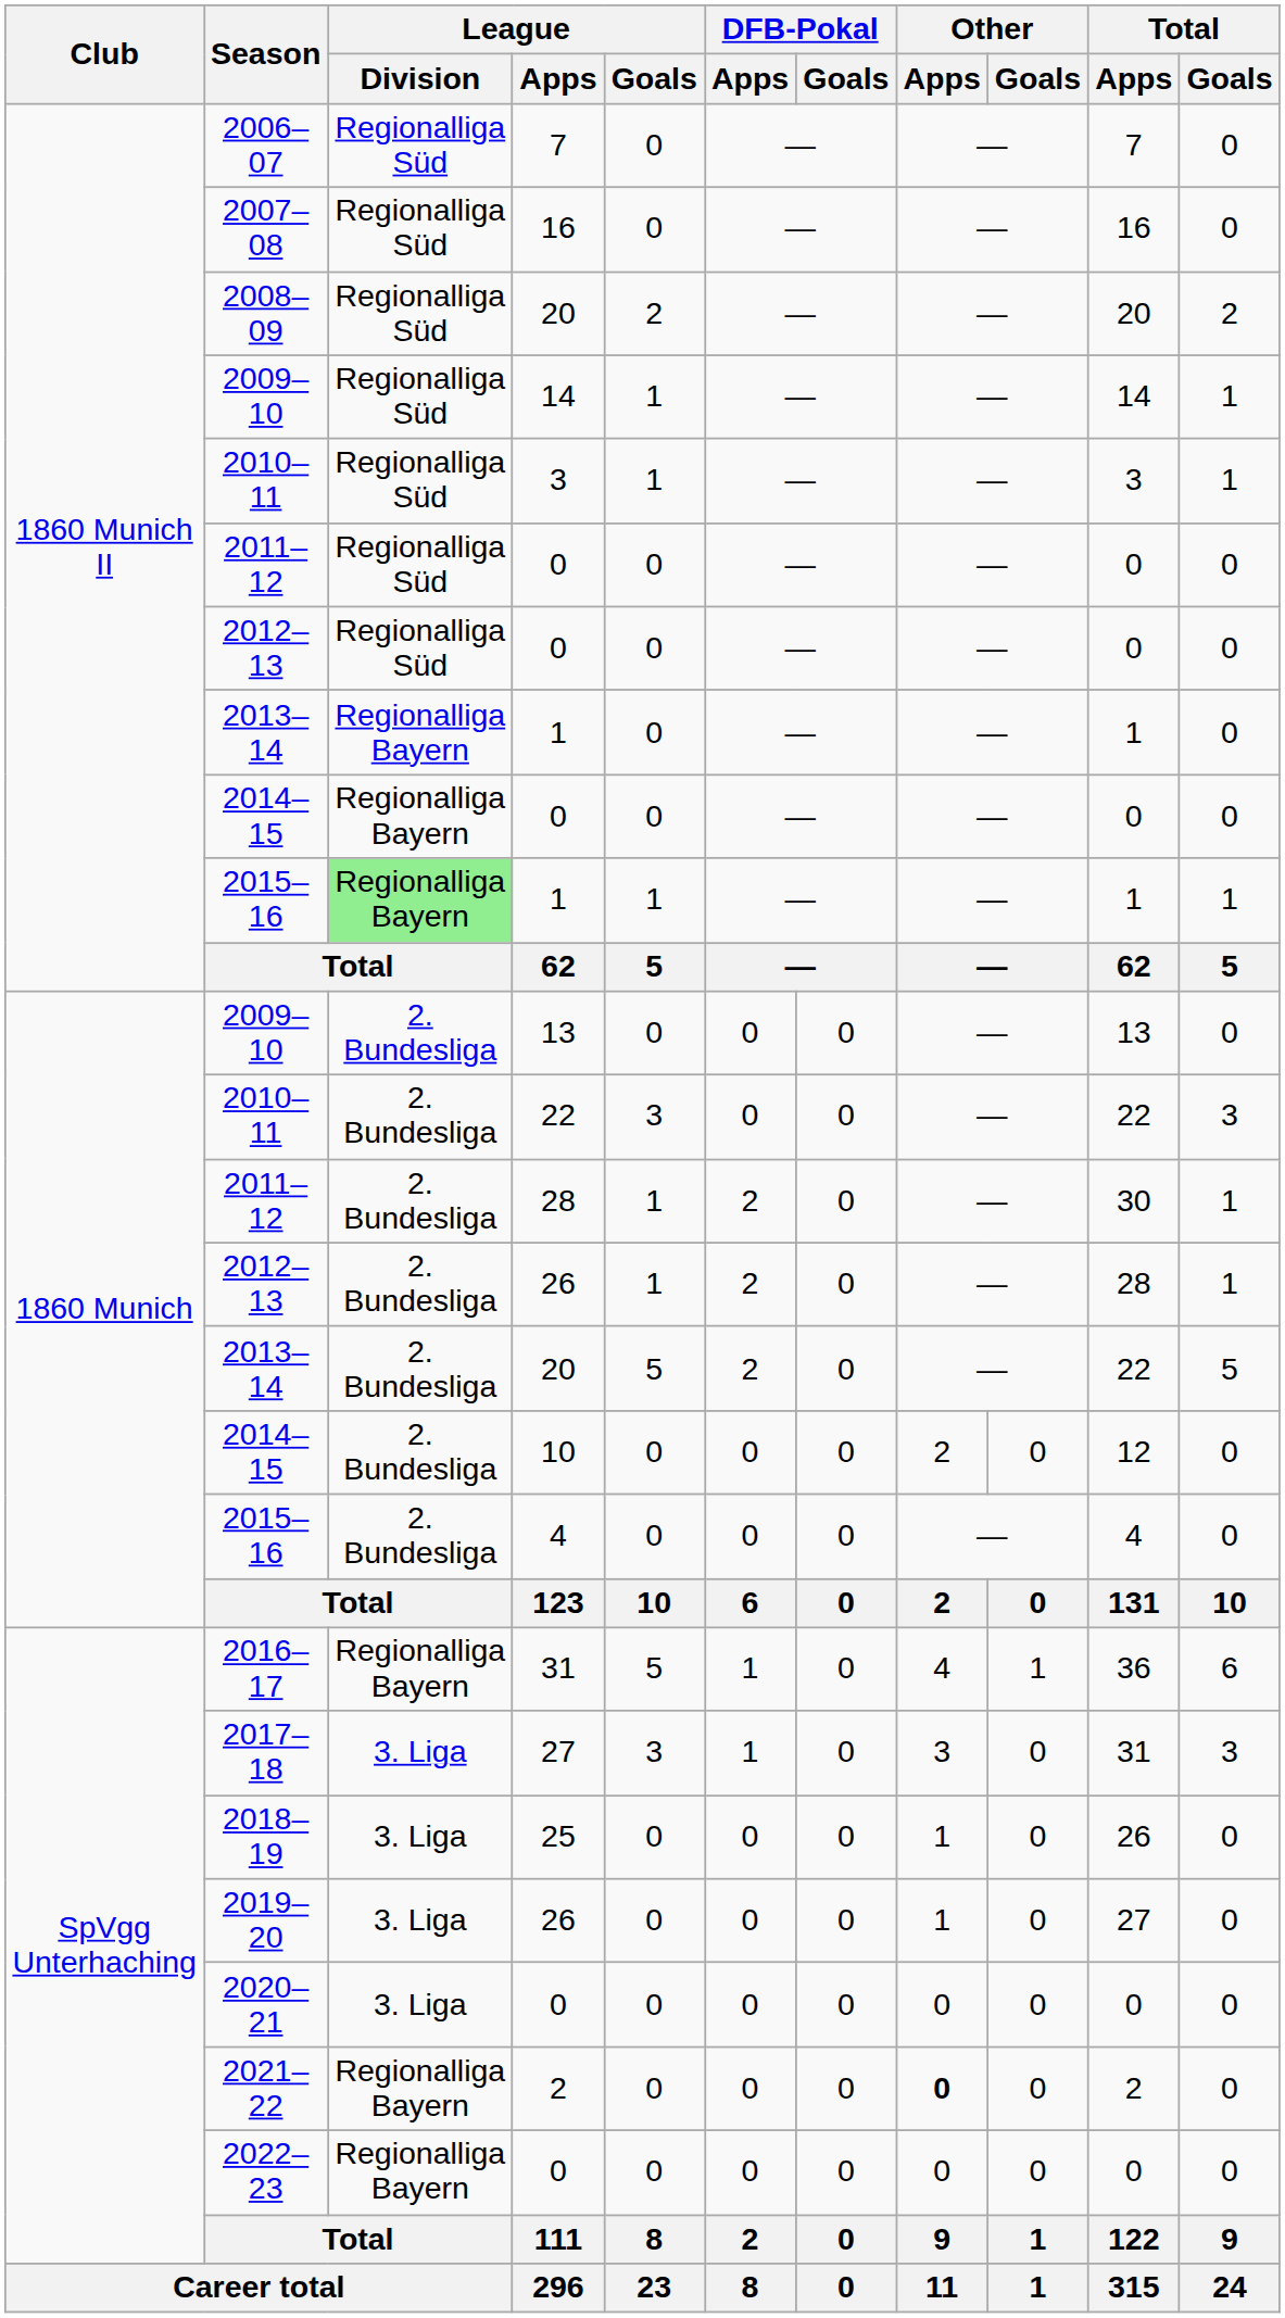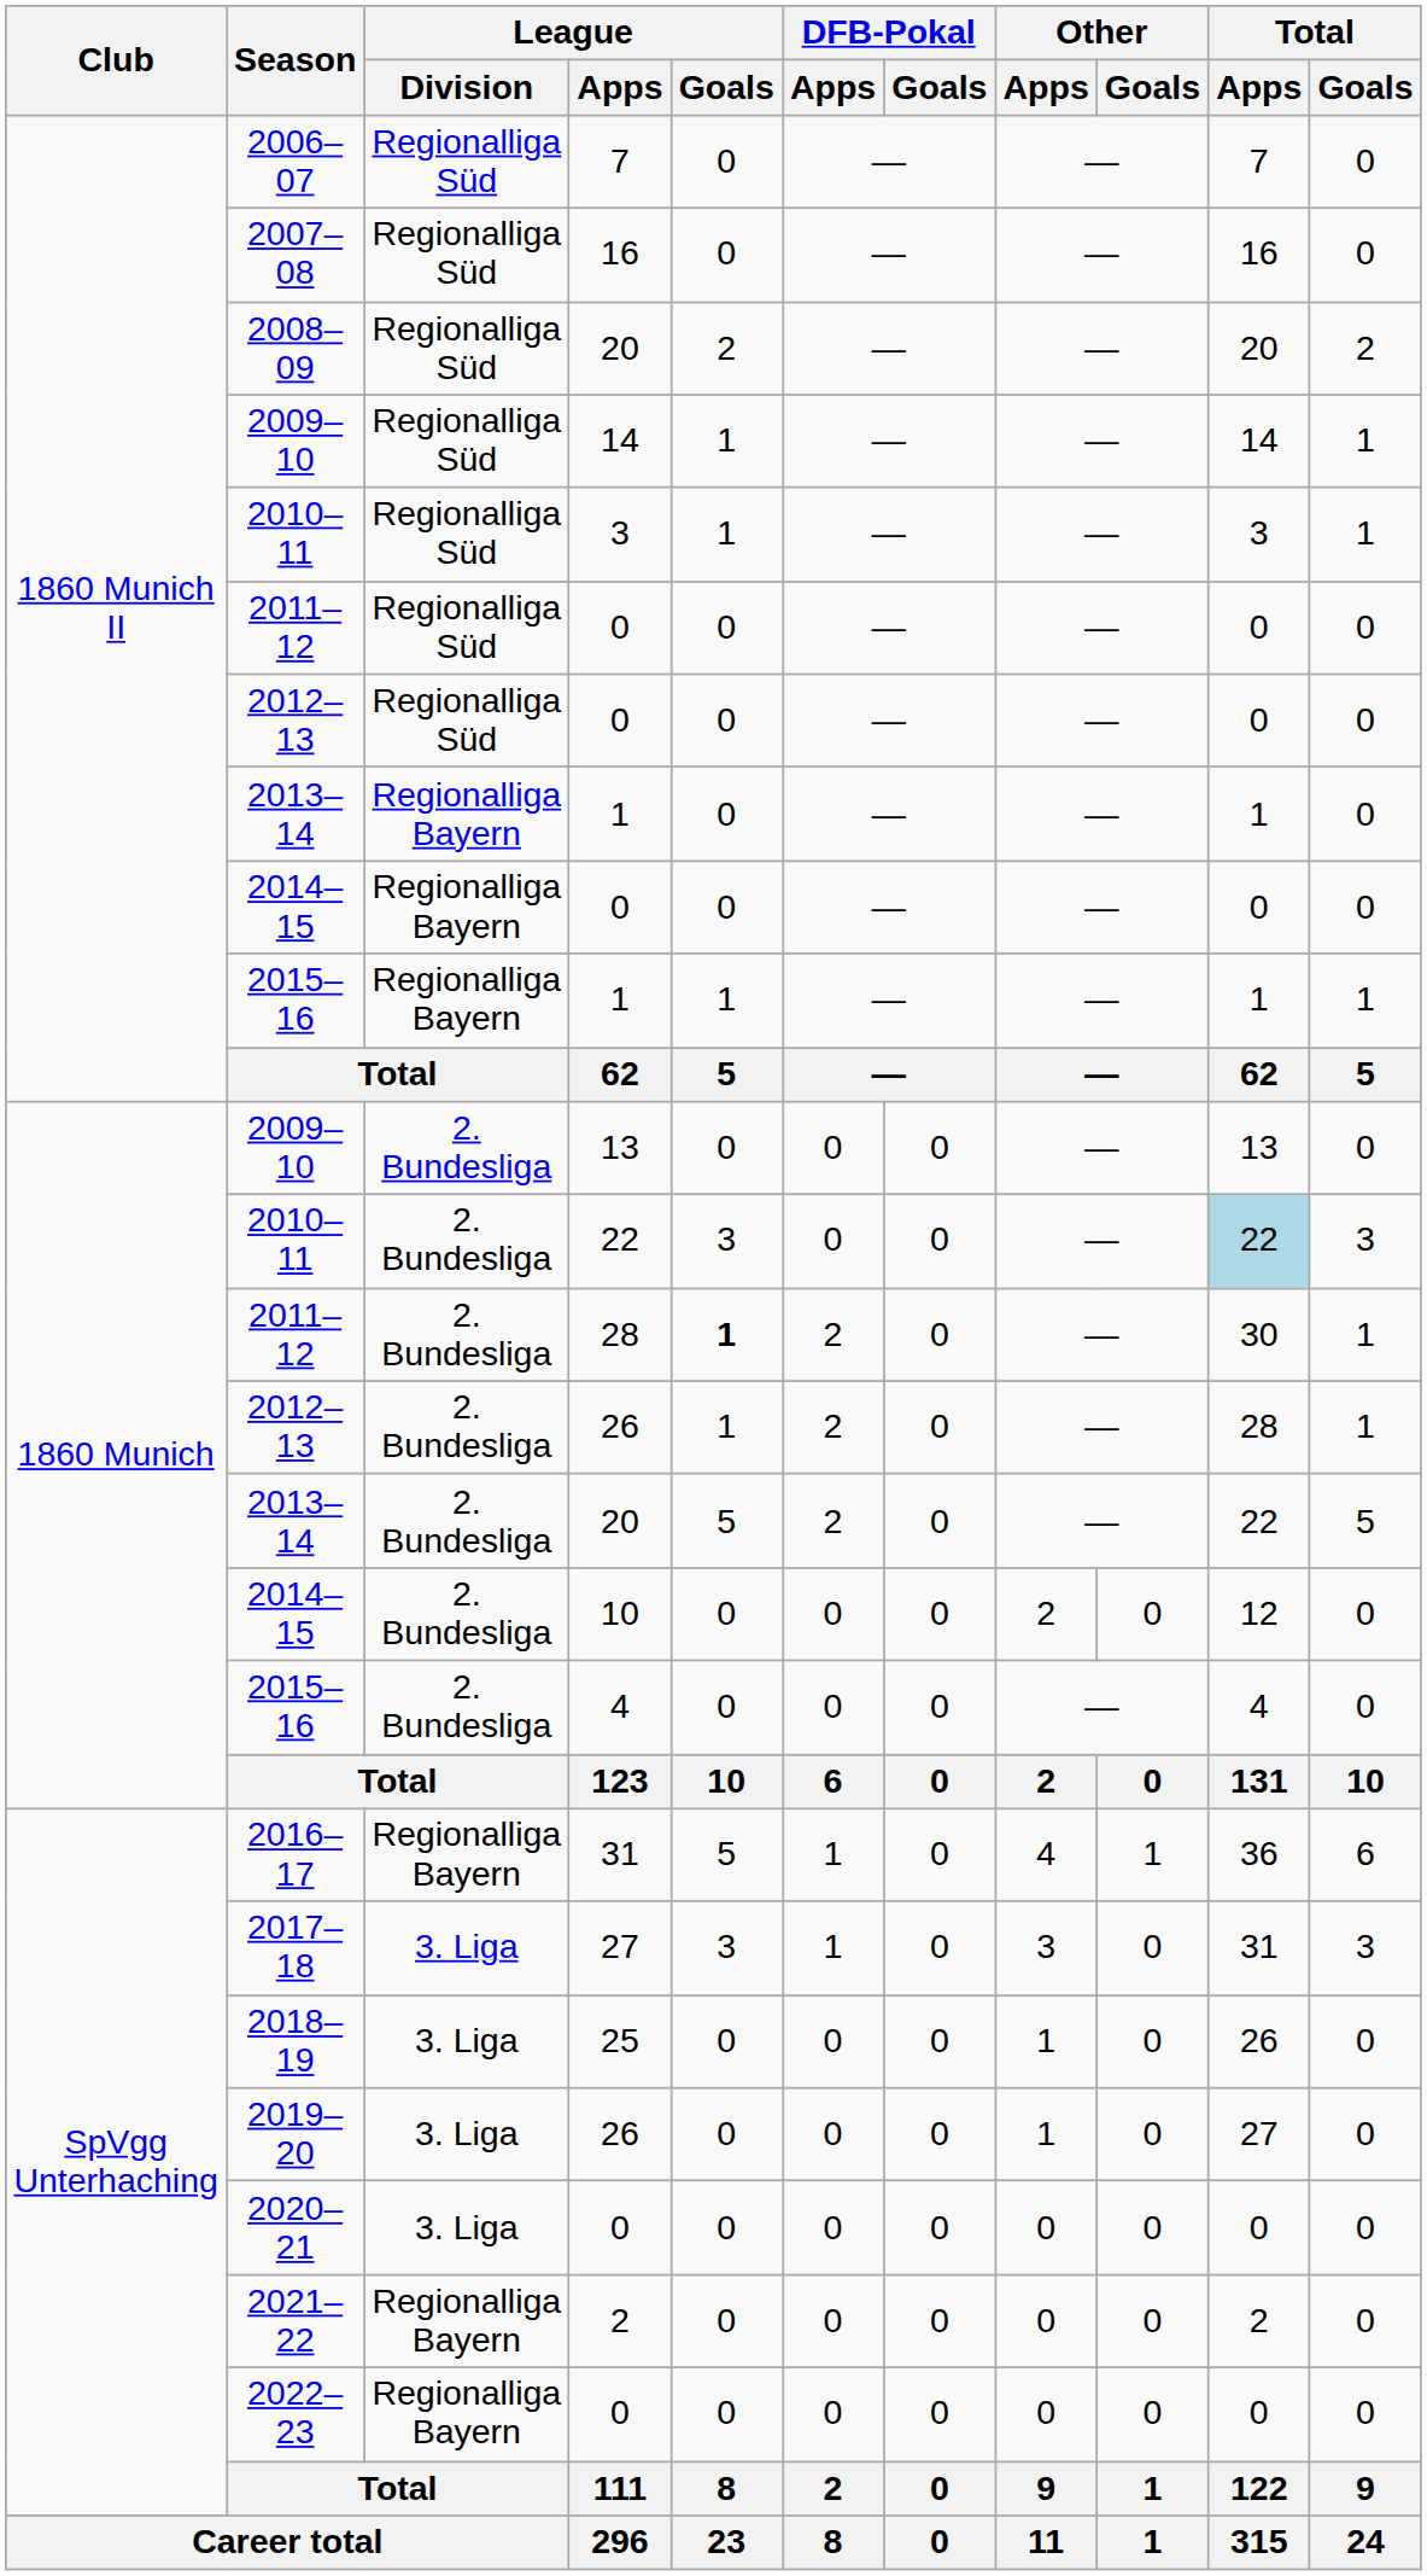 <table class="wikitable" style="text-align:center">
 <tr>
 <th rowspan="2">Club</th>
 <th rowspan="2">Season</th>
 <th colspan="3">League</th>
 <th colspan="2"><a href='#'>DFB-Pokal</a></th>
 <th colspan="2">Other</th>
 <th colspan="2">Total</th>
 </tr>
 <tr>
 <th>Division</th>
 <th>Apps</th>
 <th>Goals</th>
 <th>Apps</th>
 <th>Goals</th>
 <th>Apps</th>
 <th>Goals</th>
 <th>Apps</th>
 <th>Goals</th>
 </tr>
 <tr>
 <td rowspan="11"><a href='#'>1860 Munich II</a></td>
 <td><a href='#'>2006–07</a></td>
 <td><a href='#'>Regionalliga Süd</a></td>
 <td>7</td>
 <td>0</td>
 <td colspan="2">—</td>
 <td colspan="2">—</td>
 <td>7</td>
 <td>0</td>
 </tr>
 <tr>
 <td><a href='#'>2007–08</a></td>
 <td>Regionalliga Süd</td>
 <td>16</td>
 <td>0</td>
 <td colspan="2">—</td>
 <td colspan="2">—</td>
 <td>16</td>
 <td>0</td>
 </tr>
 <tr>
 <td><a href='#'>2008–09</a></td>
 <td>Regionalliga Süd</td>
 <td>20</td>
 <td>2</td>
 <td colspan="2">—</td>
 <td colspan="2">—</td>
 <td>20</td>
 <td>2</td>
 </tr>
 <tr>
 <td><a href='#'>2009–10</a></td>
 <td>Regionalliga Süd</td>
 <td>14</td>
 <td>1</td>
 <td colspan="2">—</td>
 <td colspan="2">—</td>
 <td>14</td>
 <td>1</td>
 </tr>
 <tr>
 <td><a href='#'>2010–11</a></td>
 <td>Regionalliga Süd</td>
 <td>3</td>
 <td>1</td>
 <td colspan="2">—</td>
 <td colspan="2">—</td>
 <td>3</td>
 <td>1</td>
 </tr>
 <tr>
 <td><a href='#'>2011–12</a></td>
 <td>Regionalliga Süd</td>
 <td>0</td>
 <td>0</td>
 <td colspan="2">—</td>
 <td colspan="2">—</td>
 <td>0</td>
 <td>0</td>
 </tr>
 <tr>
 <td><a href='#'>2012–13</a></td>
 <td>Regionalliga Süd</td>
 <td>0</td>
 <td>0</td>
 <td colspan="2">—</td>
 <td colspan="2">—</td>
 <td>0</td>
 <td>0</td>
 </tr>
 <tr>
 <td><a href='#'>2013–14</a></td>
 <td><a href='#'>Regionalliga Bayern</a></td>
 <td>1</td>
 <td>0</td>
 <td colspan="2">—</td>
 <td colspan="2">—</td>
 <td>1</td>
 <td>0</td>
 </tr>
 <tr>
 <td><a href='#'>2014–15</a></td>
 <td>Regionalliga Bayern</td>
 <td>0</td>
 <td>0</td>
 <td colspan="2">—</td>
 <td colspan="2">—</td>
 <td>0</td>
 <td>0</td>
 </tr>
 <tr>
 <td><a href='#'>2015–16</a></td>
-<td style="background: lightgreen;">Regionalliga Bayern</td>
+<td>Regionalliga Bayern</td>
 <td>1</td>
 <td>1</td>
 <td colspan="2">—</td>
 <td colspan="2">—</td>
 <td>1</td>
 <td>1</td>
 </tr>
 <tr>
 <th colspan="2">Total</th>
 <th>62</th>
 <th>5</th>
 <th colspan="2">—</th>
 <th colspan="2">—</th>
 <th>62</th>
 <th>5</th>
 </tr>
 <tr>
 <td rowspan="8"><a href='#'>1860 Munich</a></td>
 <td><a href='#'>2009–10</a></td>
 <td><a href='#'>2. Bundesliga</a></td>
 <td>13</td>
 <td>0</td>
 <td>0</td>
 <td>0</td>
 <td colspan="2">—</td>
 <td>13</td>
 <td>0</td>
 </tr>
 <tr>
 <td><a href='#'>2010–11</a></td>
 <td>2. Bundesliga</td>
 <td>22</td>
 <td>3</td>
 <td>0</td>
 <td>0</td>
 <td colspan="2">—</td>
-<td>22</td>
+<td style="background: lightblue;">22</td>
 <td>3</td>
 </tr>
 <tr>
 <td><a href='#'>2011–12</a></td>
 <td>2. Bundesliga</td>
 <td>28</td>
-<td>1</td>
+<td><strong>1</strong></td>
 <td>2</td>
 <td>0</td>
 <td colspan="2">—</td>
 <td>30</td>
 <td>1</td>
 </tr>
 <tr>
 <td><a href='#'>2012–13</a></td>
 <td>2. Bundesliga</td>
 <td>26</td>
 <td>1</td>
 <td>2</td>
 <td>0</td>
 <td colspan="2">—</td>
 <td>28</td>
 <td>1</td>
 </tr>
 <tr>
 <td><a href='#'>2013–14</a></td>
 <td>2. Bundesliga</td>
 <td>20</td>
 <td>5</td>
 <td>2</td>
 <td>0</td>
 <td colspan="2">—</td>
 <td>22</td>
 <td>5</td>
 </tr>
 <tr>
 <td><a href='#'>2014–15</a></td>
 <td>2. Bundesliga</td>
 <td>10</td>
 <td>0</td>
 <td>0</td>
 <td>0</td>
 <td>2</td>
 <td>0</td>
 <td>12</td>
 <td>0</td>
 </tr>
 <tr>
 <td><a href='#'>2015–16</a></td>
 <td>2. Bundesliga</td>
 <td>4</td>
 <td>0</td>
 <td>0</td>
 <td>0</td>
 <td colspan="2">—</td>
 <td>4</td>
 <td>0</td>
 </tr>
 <tr>
 <th colspan="2">Total</th>
 <th>123</th>
 <th>10</th>
 <th>6</th>
 <th>0</th>
 <th>2</th>
 <th>0</th>
 <th>131</th>
 <th>10</th>
 </tr>
 <tr>
 <td rowspan="8"><a href='#'>SpVgg Unterhaching</a></td>
 <td><a href='#'>2016–17</a></td>
 <td>Regionalliga Bayern</td>
 <td>31</td>
 <td>5</td>
 <td>1</td>
 <td>0</td>
 <td>4</td>
 <td>1</td>
 <td>36</td>
 <td>6</td>
 </tr>
 <tr>
 <td><a href='#'>2017–18</a></td>
 <td><a href='#'>3. Liga</a></td>
 <td>27</td>
 <td>3</td>
 <td>1</td>
 <td>0</td>
 <td>3</td>
 <td>0</td>
 <td>31</td>
 <td>3</td>
 </tr>
 <tr>
 <td><a href='#'>2018–19</a></td>
 <td>3. Liga</td>
 <td>25</td>
 <td>0</td>
 <td>0</td>
 <td>0</td>
 <td>1</td>
 <td>0</td>
 <td>26</td>
 <td>0</td>
 </tr>
 <tr>
 <td><a href='#'>2019–20</a></td>
 <td>3. Liga</td>
 <td>26</td>
 <td>0</td>
 <td>0</td>
 <td>0</td>
 <td>1</td>
 <td>0</td>
 <td>27</td>
 <td>0</td>
 </tr>
 <tr>
 <td><a href='#'>2020–21</a></td>
 <td>3. Liga</td>
 <td>0</td>
 <td>0</td>
 <td>0</td>
 <td>0</td>
 <td>0</td>
 <td>0</td>
 <td>0</td>
 <td>0</td>
 </tr>
 <tr>
 <td><a href='#'>2021–22</a></td>
 <td>Regionalliga Bayern</td>
 <td>2</td>
 <td>0</td>
 <td>0</td>
 <td>0</td>
-<td><strong>0</strong></td>
+<td>0</td>
 <td>0</td>
 <td>2</td>
 <td>0</td>
 </tr>
 <tr>
 <td><a href='#'>2022–23</a></td>
 <td>Regionalliga Bayern</td>
 <td>0</td>
 <td>0</td>
 <td>0</td>
 <td>0</td>
 <td>0</td>
 <td>0</td>
 <td>0</td>
 <td>0</td>
 </tr>
 <tr>
 <th colspan="2">Total</th>
 <th>111</th>
 <th>8</th>
 <th>2</th>
 <th>0</th>
 <th>9</th>
 <th>1</th>
 <th>122</th>
 <th>9</th>
 </tr>
 <tr>
 <th colspan="3">Career total</th>
 <th>296</th>
 <th>23</th>
 <th>8</th>
 <th>0</th>
 <th>11</th>
 <th>1</th>
 <th>315</th>
 <th>24</th>
 </tr>
 </table>
